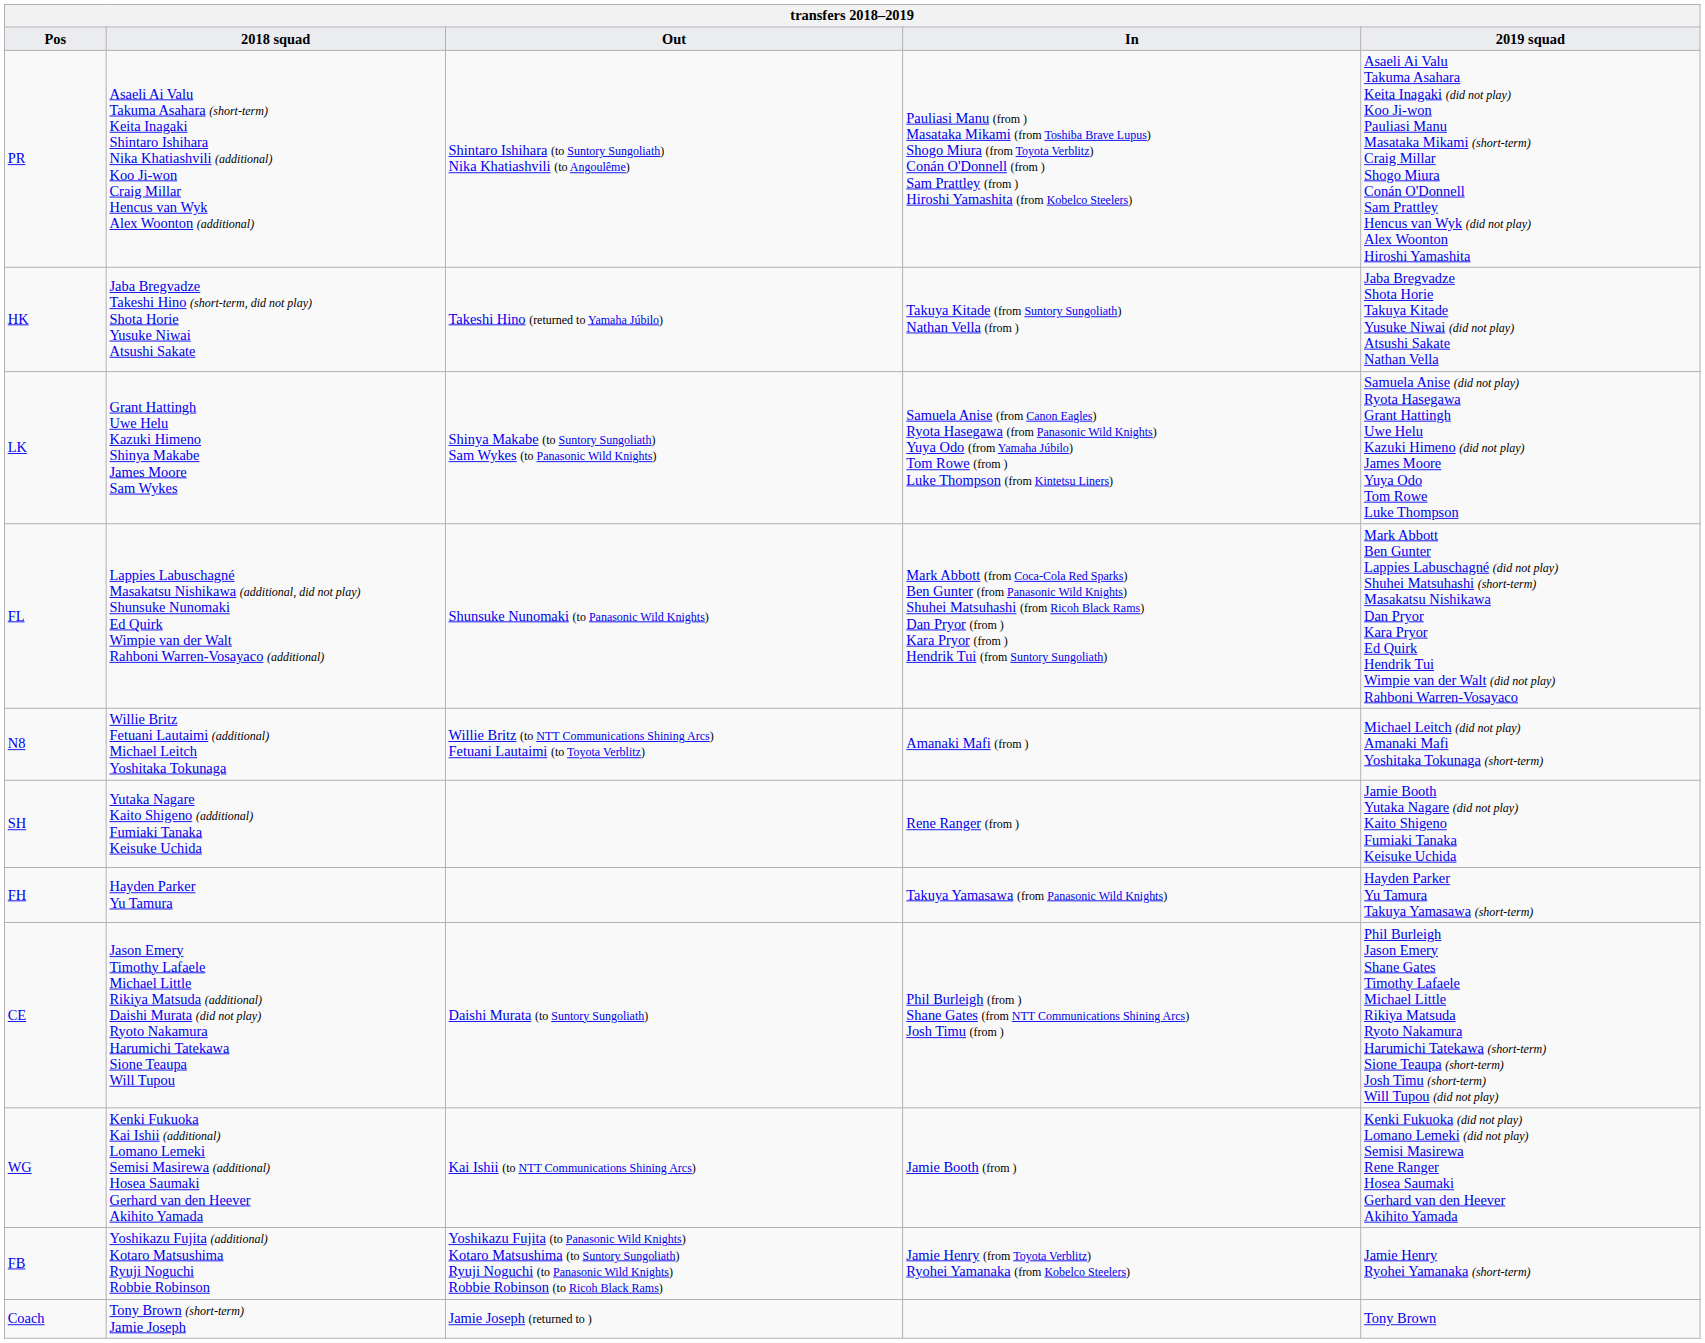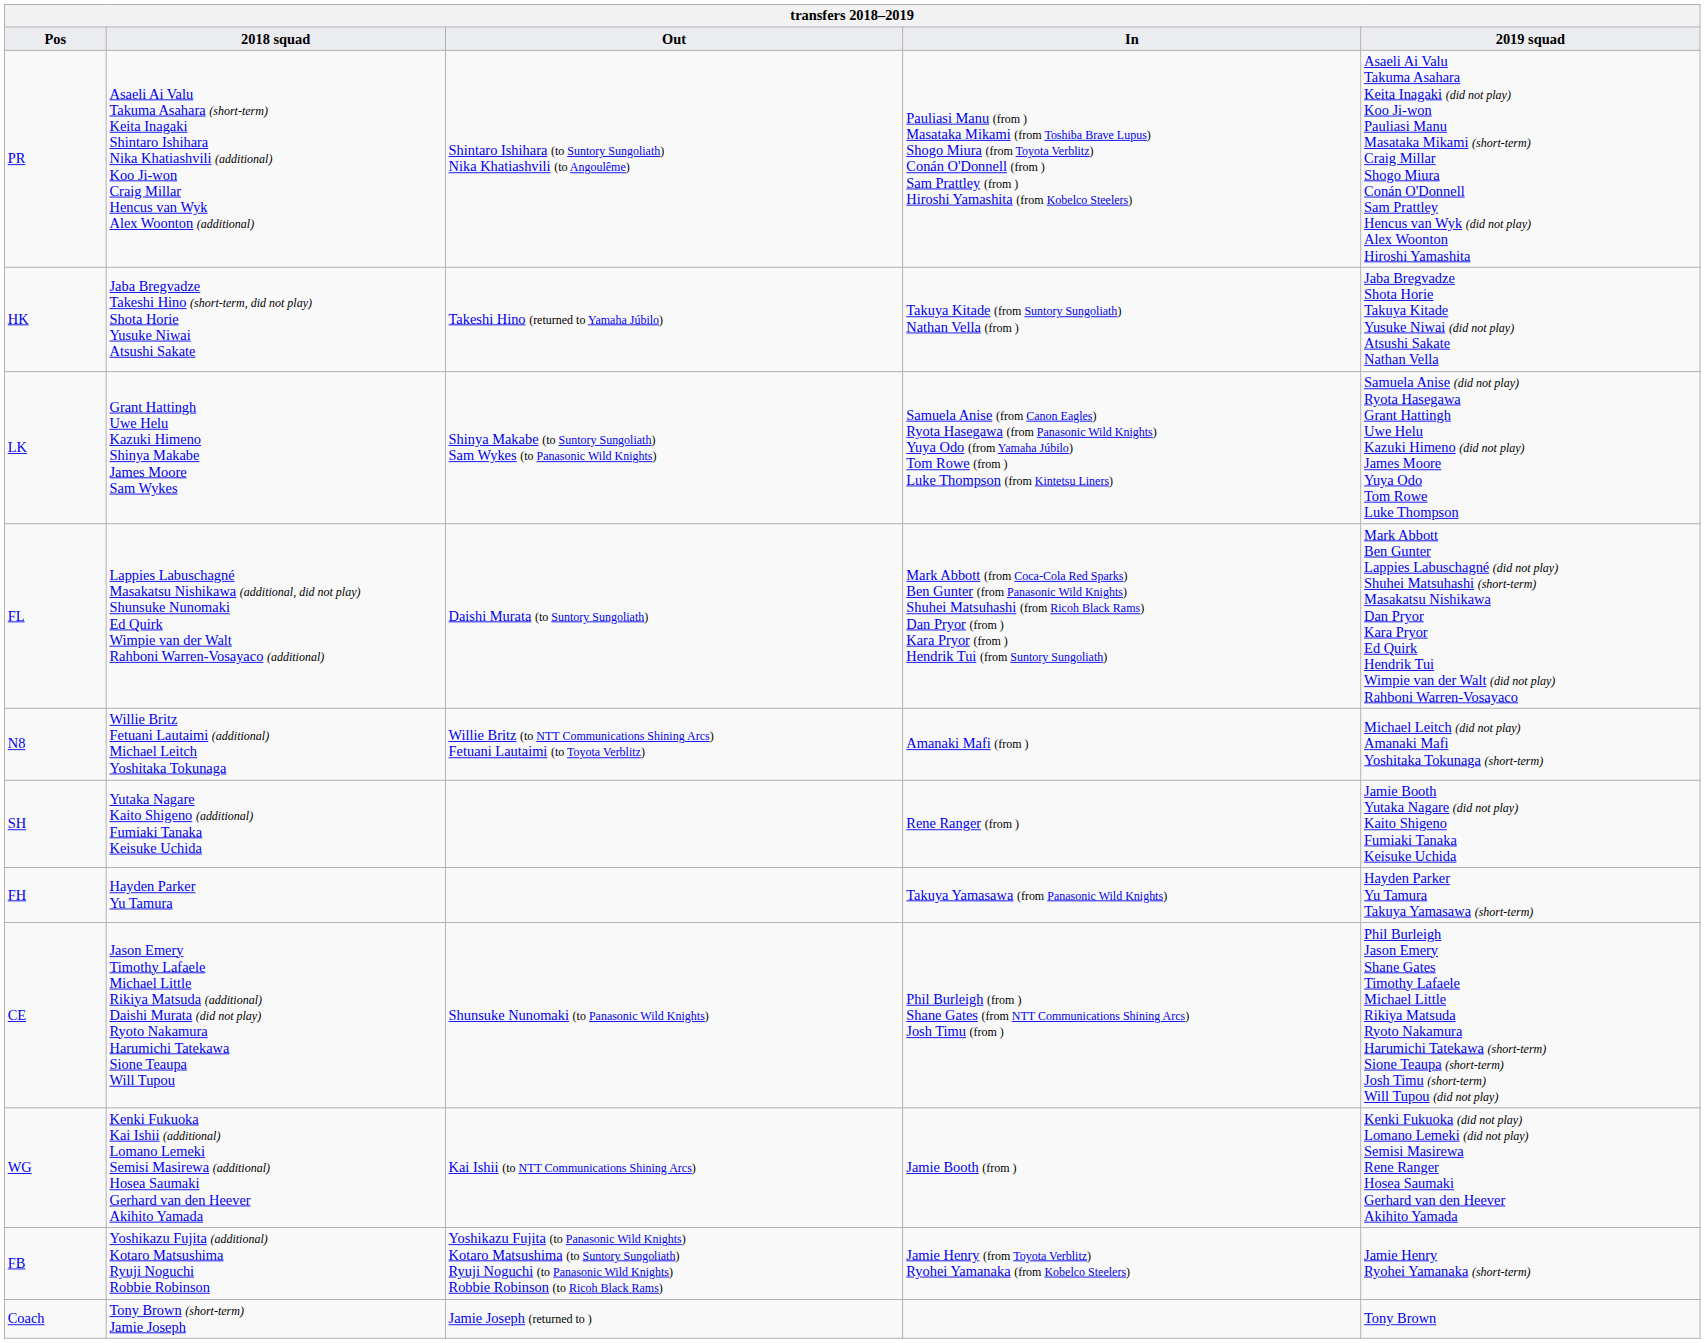 <table class="wikitable" style="text-align: left; width:95%">
 <tr>
 <th colspan="100%"> transfers 2018–2019</th>
 </tr>
 <tr>
 <th style="background:#ebecf0; width:6%;">Pos</th>
 <th style="background:#ebecf0; width:20%;">2018 squad</th>
 <th style="background:#ebecf0; width:27%;">Out</th>
 <th style="background:#ebecf0; width:27%;">In</th>
 <th style="background:#ebecf0; width:20%;">2019 squad</th>
 </tr>
 <tr>
 <td><a href='#'>PR</a></td>
 <td><a href='#'>Asaeli Ai Valu</a><br><a href='#'>Takuma Asahara</a> <small><em>(short-term)</em></small><br><a href='#'>Keita Inagaki</a><br><a href='#'>Shintaro Ishihara</a><br><a href='#'>Nika Khatiashvili</a> <small><em>(additional)</em></small><br><a href='#'>Koo Ji-won</a><br><a href='#'>Craig Millar</a><br><a href='#'>Hencus van Wyk</a><br><a href='#'>Alex Woonton</a> <small><em>(additional)</em></small></td>
 <td>  <a href='#'>Shintaro Ishihara</a> <small>(to <a href='#'>Suntory Sungoliath</a>)</small><br> <a href='#'>Nika Khatiashvili</a> <small>(to  <a href='#'>Angoulême</a>)</small></td>
 <td>  <a href='#'>Pauliasi Manu</a> <small>(from )</small><br> <a href='#'>Masataka Mikami</a> <small>(from <a href='#'>Toshiba Brave Lupus</a>)</small><br> <a href='#'>Shogo Miura</a> <small>(from <a href='#'>Toyota Verblitz</a>)</small><br> <a href='#'>Conán O'Donnell</a> <small>(from )</small><br> <a href='#'>Sam Prattley</a> <small>(from )</small><br> <a href='#'>Hiroshi Yamashita</a> <small>(from <a href='#'>Kobelco Steelers</a>)</small></td>
 <td> <a href='#'>Asaeli Ai Valu</a><br><a href='#'>Takuma Asahara</a><br><a href='#'>Keita Inagaki</a> <small><em>(did not play)</em></small><br><a href='#'>Koo Ji-won</a><br><a href='#'>Pauliasi Manu</a><br><a href='#'>Masataka Mikami</a> <small><em>(short-term)</em></small><br><a href='#'>Craig Millar</a><br><a href='#'>Shogo Miura</a><br><a href='#'>Conán O'Donnell</a><br><a href='#'>Sam Prattley</a><br><a href='#'>Hencus van Wyk</a> <small><em>(did not play)</em></small><br><a href='#'>Alex Woonton</a><br><a href='#'>Hiroshi Yamashita</a></td>
 </tr>
 <tr>
 <td><a href='#'>HK</a></td>
 <td> <a href='#'>Jaba Bregvadze</a><br><a href='#'>Takeshi Hino</a> <small><em>(short-term, did not play)</em></small><br><a href='#'>Shota Horie</a><br><a href='#'>Yusuke Niwai</a><br><a href='#'>Atsushi Sakate</a></td>
 <td>  <a href='#'>Takeshi Hino</a> <small>(returned to <a href='#'>Yamaha Júbilo</a>)</small></td>
 <td>  <a href='#'>Takuya Kitade</a> <small>(from <a href='#'>Suntory Sungoliath</a>)</small><br> <a href='#'>Nathan Vella</a> <small>(from )</small></td>
 <td> <a href='#'>Jaba Bregvadze</a><br><a href='#'>Shota Horie</a><br><a href='#'>Takuya Kitade</a><br><a href='#'>Yusuke Niwai</a> <small><em>(did not play)</em></small><br><a href='#'>Atsushi Sakate</a><br><a href='#'>Nathan Vella</a></td>
 </tr>
 <tr>
 <td><a href='#'>LK</a></td>
 <td> <a href='#'>Grant Hattingh</a><br><a href='#'>Uwe Helu</a><br><a href='#'>Kazuki Himeno</a><br><a href='#'>Shinya Makabe</a><br><a href='#'>James Moore</a><br><a href='#'>Sam Wykes</a></td>
 <td>  <a href='#'>Shinya Makabe</a> <small>(to <a href='#'>Suntory Sungoliath</a>)</small><br> <a href='#'>Sam Wykes</a> <small>(to <a href='#'>Panasonic Wild Knights</a>)</small></td>
 <td>  <a href='#'>Samuela Anise</a> <small>(from <a href='#'>Canon Eagles</a>)</small><br> <a href='#'>Ryota Hasegawa</a> <small>(from <a href='#'>Panasonic Wild Knights</a>)</small><br> <a href='#'>Yuya Odo</a> <small>(from <a href='#'>Yamaha Júbilo</a>)</small><br> <a href='#'>Tom Rowe</a> <small>(from )</small><br> <a href='#'>Luke Thompson</a> <small>(from <a href='#'>Kintetsu Liners</a>)</small></td>
 <td> <a href='#'>Samuela Anise</a> <small><em>(did not play)</em></small><br><a href='#'>Ryota Hasegawa</a><br><a href='#'>Grant Hattingh</a><br><a href='#'>Uwe Helu</a><br><a href='#'>Kazuki Himeno</a> <small><em>(did not play)</em></small><br><a href='#'>James Moore</a><br><a href='#'>Yuya Odo</a><br><a href='#'>Tom Rowe</a><br><a href='#'>Luke Thompson</a></td>
 </tr>
 <tr>
 <td><a href='#'>FL</a></td>
 <td> <a href='#'>Lappies Labuschagné</a><br><a href='#'>Masakatsu Nishikawa</a> <small><em>(additional, did not play)</em></small><br><a href='#'>Shunsuke Nunomaki</a><br><a href='#'>Ed Quirk</a><br><a href='#'>Wimpie van der Walt</a><br><a href='#'>Rahboni Warren-Vosayaco</a> <small><em>(additional)</em></small></td>
-<td>  <a href='#'>Shunsuke Nunomaki</a> <small>(to <a href='#'>Panasonic Wild Knights</a>)</small></td>
+<td>  <a href='#'>Daishi Murata</a> <small>(to <a href='#'>Suntory Sungoliath</a>)</small></td>
 <td>  <a href='#'>Mark Abbott</a> <small>(from <a href='#'>Coca-Cola Red Sparks</a>)</small><br> <a href='#'>Ben Gunter</a> <small>(from <a href='#'>Panasonic Wild Knights</a>)</small><br> <a href='#'>Shuhei Matsuhashi</a> <small>(from <a href='#'>Ricoh Black Rams</a>)</small><br> <a href='#'>Dan Pryor</a> <small>(from )</small><br> <a href='#'>Kara Pryor</a> <small>(from )</small><br> <a href='#'>Hendrik Tui</a> <small>(from <a href='#'>Suntory Sungoliath</a>)</small></td>
 <td> <a href='#'>Mark Abbott</a><br><a href='#'>Ben Gunter</a><br><a href='#'>Lappies Labuschagné</a> <small><em>(did not play)</em></small><br><a href='#'>Shuhei Matsuhashi</a> <small><em>(short-term)</em></small><br><a href='#'>Masakatsu Nishikawa</a><br><a href='#'>Dan Pryor</a><br><a href='#'>Kara Pryor</a><br><a href='#'>Ed Quirk</a><br><a href='#'>Hendrik Tui</a><br><a href='#'>Wimpie van der Walt</a> <small><em>(did not play)</em></small><br><a href='#'>Rahboni Warren-Vosayaco</a></td>
 </tr>
 <tr>
 <td><a href='#'>N8</a></td>
 <td> <a href='#'>Willie Britz</a><br><a href='#'>Fetuani Lautaimi</a> <small><em>(additional)</em></small><br><a href='#'>Michael Leitch</a><br><a href='#'>Yoshitaka Tokunaga</a></td>
 <td>  <a href='#'>Willie Britz</a> <small>(to <a href='#'>NTT Communications Shining Arcs</a>)</small><br> <a href='#'>Fetuani Lautaimi</a> <small>(to <a href='#'>Toyota Verblitz</a>)</small></td>
 <td>  <a href='#'>Amanaki Mafi</a> <small>(from )</small></td>
 <td> <a href='#'>Michael Leitch</a> <small><em>(did not play)</em></small><br><a href='#'>Amanaki Mafi</a><br><a href='#'>Yoshitaka Tokunaga</a> <small><em>(short-term)</em></small></td>
 </tr>
 <tr>
 <td><a href='#'>SH</a></td>
 <td> <a href='#'>Yutaka Nagare</a><br><a href='#'>Kaito Shigeno</a> <small><em>(additional)</em></small><br><a href='#'>Fumiaki Tanaka</a><br><a href='#'>Keisuke Uchida</a></td>
 <td></td>
 <td>  <a href='#'>Rene Ranger</a> <small>(from )</small></td>
 <td> <a href='#'>Jamie Booth</a><br><a href='#'>Yutaka Nagare</a> <small><em>(did not play)</em></small><br><a href='#'>Kaito Shigeno</a><br><a href='#'>Fumiaki Tanaka</a><br><a href='#'>Keisuke Uchida</a></td>
 </tr>
 <tr>
 <td><a href='#'>FH</a></td>
 <td> <a href='#'>Hayden Parker</a><br><a href='#'>Yu Tamura</a></td>
 <td></td>
 <td>  <a href='#'>Takuya Yamasawa</a> <small>(from <a href='#'>Panasonic Wild Knights</a>)</small></td>
 <td> <a href='#'>Hayden Parker</a><br><a href='#'>Yu Tamura</a><br><a href='#'>Takuya Yamasawa</a> <small><em>(short-term)</em></small></td>
 </tr>
 <tr>
 <td><a href='#'>CE</a></td>
 <td> <a href='#'>Jason Emery</a><br><a href='#'>Timothy Lafaele</a><br><a href='#'>Michael Little</a><br><a href='#'>Rikiya Matsuda</a> <small><em>(additional)</em></small><br><a href='#'>Daishi Murata</a> <small><em>(did not play)</em></small><br><a href='#'>Ryoto Nakamura</a><br><a href='#'>Harumichi Tatekawa</a><br><a href='#'>Sione Teaupa</a><br><a href='#'>Will Tupou</a></td>
-<td>  <a href='#'>Daishi Murata</a> <small>(to <a href='#'>Suntory Sungoliath</a>)</small></td>
+<td>  <a href='#'>Shunsuke Nunomaki</a> <small>(to <a href='#'>Panasonic Wild Knights</a>)</small></td>
 <td>  <a href='#'>Phil Burleigh</a> <small>(from )</small><br> <a href='#'>Shane Gates</a> <small>(from <a href='#'>NTT Communications Shining Arcs</a>)</small><br> <a href='#'>Josh Timu</a> <small>(from )</small></td>
 <td> <a href='#'>Phil Burleigh</a><br><a href='#'>Jason Emery</a><br><a href='#'>Shane Gates</a><br><a href='#'>Timothy Lafaele</a><br><a href='#'>Michael Little</a><br><a href='#'>Rikiya Matsuda</a><br><a href='#'>Ryoto Nakamura</a><br><a href='#'>Harumichi Tatekawa</a> <small><em>(short-term)</em></small><br><a href='#'>Sione Teaupa</a> <small><em>(short-term)</em></small><br><a href='#'>Josh Timu</a> <small><em>(short-term)</em></small><br><a href='#'>Will Tupou</a> <small><em>(did not play)</em></small></td>
 </tr>
 <tr>
 <td><a href='#'>WG</a></td>
 <td> <a href='#'>Kenki Fukuoka</a><br><a href='#'>Kai Ishii</a> <small><em>(additional)</em></small><br><a href='#'>Lomano Lemeki</a><br><a href='#'>Semisi Masirewa</a> <small><em>(additional)</em></small><br><a href='#'>Hosea Saumaki</a><br><a href='#'>Gerhard van den Heever</a><br><a href='#'>Akihito Yamada</a></td>
 <td>  <a href='#'>Kai Ishii</a> <small>(to <a href='#'>NTT Communications Shining Arcs</a>)</small></td>
 <td>  <a href='#'>Jamie Booth</a> <small>(from )</small></td>
 <td> <a href='#'>Kenki Fukuoka</a> <small><em>(did not play)</em></small><br><a href='#'>Lomano Lemeki</a> <small><em>(did not play)</em></small><br><a href='#'>Semisi Masirewa</a><br><a href='#'>Rene Ranger</a><br><a href='#'>Hosea Saumaki</a><br><a href='#'>Gerhard van den Heever</a><br><a href='#'>Akihito Yamada</a></td>
 </tr>
 <tr>
 <td><a href='#'>FB</a></td>
 <td> <a href='#'>Yoshikazu Fujita</a> <small><em>(additional)</em></small><br><a href='#'>Kotaro Matsushima</a><br><a href='#'>Ryuji Noguchi</a><br><a href='#'>Robbie Robinson</a></td>
 <td>  <a href='#'>Yoshikazu Fujita</a> <small>(to <a href='#'>Panasonic Wild Knights</a>)</small><br> <a href='#'>Kotaro Matsushima</a> <small>(to <a href='#'>Suntory Sungoliath</a>)</small><br> <a href='#'>Ryuji Noguchi</a> <small>(to <a href='#'>Panasonic Wild Knights</a>)</small><br> <a href='#'>Robbie Robinson</a> <small>(to <a href='#'>Ricoh Black Rams</a>)</small></td>
 <td>  <a href='#'>Jamie Henry</a> <small>(from <a href='#'>Toyota Verblitz</a>)</small><br> <a href='#'>Ryohei Yamanaka</a> <small>(from <a href='#'>Kobelco Steelers</a>)</small></td>
 <td> <a href='#'>Jamie Henry</a><br><a href='#'>Ryohei Yamanaka</a> <small><em>(short-term)</em></small></td>
 </tr>
 <tr>
 <td><a href='#'>Coach</a></td>
 <td> <a href='#'>Tony Brown</a> <small><em>(short-term)</em></small><br><a href='#'>Jamie Joseph</a></td>
 <td>  <a href='#'>Jamie Joseph</a> <small>(returned to )</small></td>
 <td></td>
 <td> <a href='#'>Tony Brown</a></td>
 </tr>
 </table>
